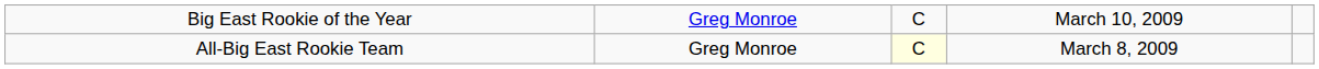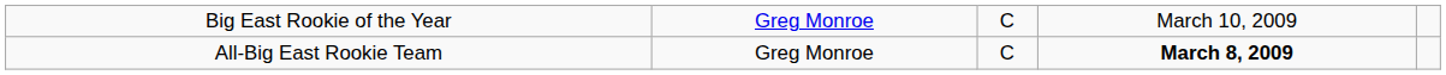 <table class="wikitable" style="width: 90%;text-align: center;">
 <tr align="center">
 <td rowspan="1">Big East Rookie of the Year</td>
 <td><a href='#'>Greg Monroe</a></td>
 <td>C</td>
 <td>March 10, 2009</td>
 <td></td>
 </tr>
 <tr align="center">
 <td rowspan="1">All-Big East Rookie Team</td>
 <td>Greg Monroe</td>
-<td style="background: lightyellow;">C</td>
-<td>March 8, 2009</td>
+<td>C</td>
+<td><strong>March 8, 2009</strong></td>
 <td></td>
 </tr>
 </table>
